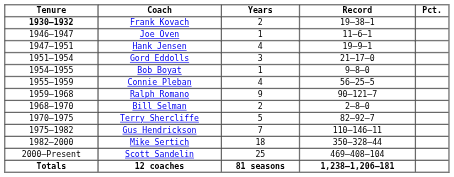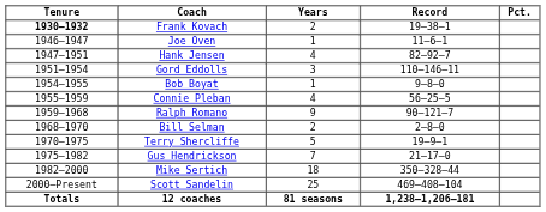 <table cellpadding="1" border="1" cellspacing="0" width="80%">
 <tr>
 <th>Tenure</th>
 <th>Coach</th>
 <th>Years</th>
 <th>Record</th>
 <th>Pct.</th>
 </tr>
 <tr align="center">
 <td><strong>1930–1932</strong></td>
 <td><a href='#'>Frank Kovach</a></td>
 <td>2</td>
 <td>19–38–1</td>
 <td></td>
 </tr>
 <tr align="center">
 <td>1946–1947</td>
 <td><a href='#'>Joe Oven</a></td>
 <td>1</td>
 <td>11–6–1</td>
 <td></td>
 </tr>
 <tr align="center">
 <td>1947–1951</td>
 <td><a href='#'>Hank Jensen</a></td>
 <td>4</td>
-<td>19–9–1</td>
+<td>82–92–7</td>
 <td></td>
 </tr>
 <tr align="center">
 <td>1951–1954</td>
 <td><a href='#'>Gord Eddolls</a></td>
 <td>3</td>
-<td>21–17–0</td>
+<td>110–146–11</td>
 <td></td>
 </tr>
 <tr align="center">
 <td>1954–1955</td>
 <td><a href='#'>Bob Boyat</a></td>
 <td>1</td>
 <td>9–8–0</td>
 <td></td>
 </tr>
 <tr align="center">
 <td>1955–1959</td>
 <td><a href='#'>Connie Pleban</a></td>
 <td>4</td>
 <td>56–25–5</td>
 <td></td>
 </tr>
 <tr align="center">
 <td>1959–1968</td>
 <td><a href='#'>Ralph Romano</a></td>
 <td>9</td>
 <td>90–121–7</td>
 <td></td>
 </tr>
 <tr align="center">
 <td>1968–1970</td>
 <td><a href='#'>Bill Selman</a></td>
 <td>2</td>
 <td>2–8–0</td>
 <td></td>
 </tr>
 <tr align="center">
 <td>1970–1975</td>
 <td><a href='#'>Terry Shercliffe</a></td>
 <td>5</td>
-<td>82–92–7</td>
+<td>19–9–1</td>
 <td></td>
 </tr>
 <tr align="center">
 <td>1975–1982</td>
 <td><a href='#'>Gus Hendrickson</a></td>
 <td>7</td>
-<td>110–146–11</td>
+<td>21–17–0</td>
 <td></td>
 </tr>
 <tr align="center">
 <td>1982–2000</td>
 <td><a href='#'>Mike Sertich</a></td>
 <td>18</td>
 <td>350–328–44</td>
 <td></td>
 </tr>
 <tr align="center">
 <td>2000–Present</td>
 <td><a href='#'>Scott Sandelin</a></td>
 <td>25</td>
 <td>469–408–104</td>
 <td></td>
 </tr>
 <tr>
 <th>Totals</th>
 <th>12 coaches</th>
 <th>81 seasons</th>
 <th>1,238–1,206–181</th>
 <th></th>
 </tr>
 </table>
